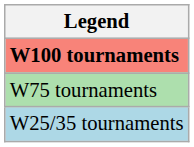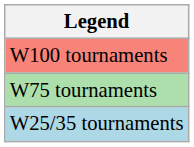 <table class="wikitable" style="font-size:85%;">
 <tr>
 <th>Legend</th>
 </tr>
 <tr style="background:#f88379;">
-<td><strong>W100 tournaments</strong></td>
+<td>W100 tournaments</td>
 </tr>
 <tr style="background:#addfad;">
 <td>W75 tournaments</td>
 </tr>
 <tr style="background:lightblue;">
 <td>W25/35 tournaments</td>
 </tr>
 </table>
